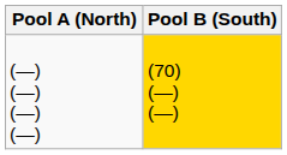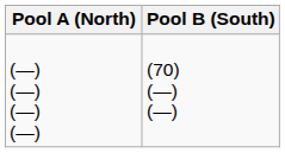 <table class="wikitable">
 <tr>
 <th width=50%>Pool A (North)</th>
 <th width=50%>Pool B (South)</th>
 </tr>
 <tr>
 <td valign=top><br> (—)<br>  (—)<br>  (—)<br>  (—)</td>
-<td valign=top style="background: gold;"><br> (70)<br>  (—)<br>  (—)</td>
+<td valign=top><br> (70)<br>  (—)<br>  (—)</td>
 </tr>
 </table>
